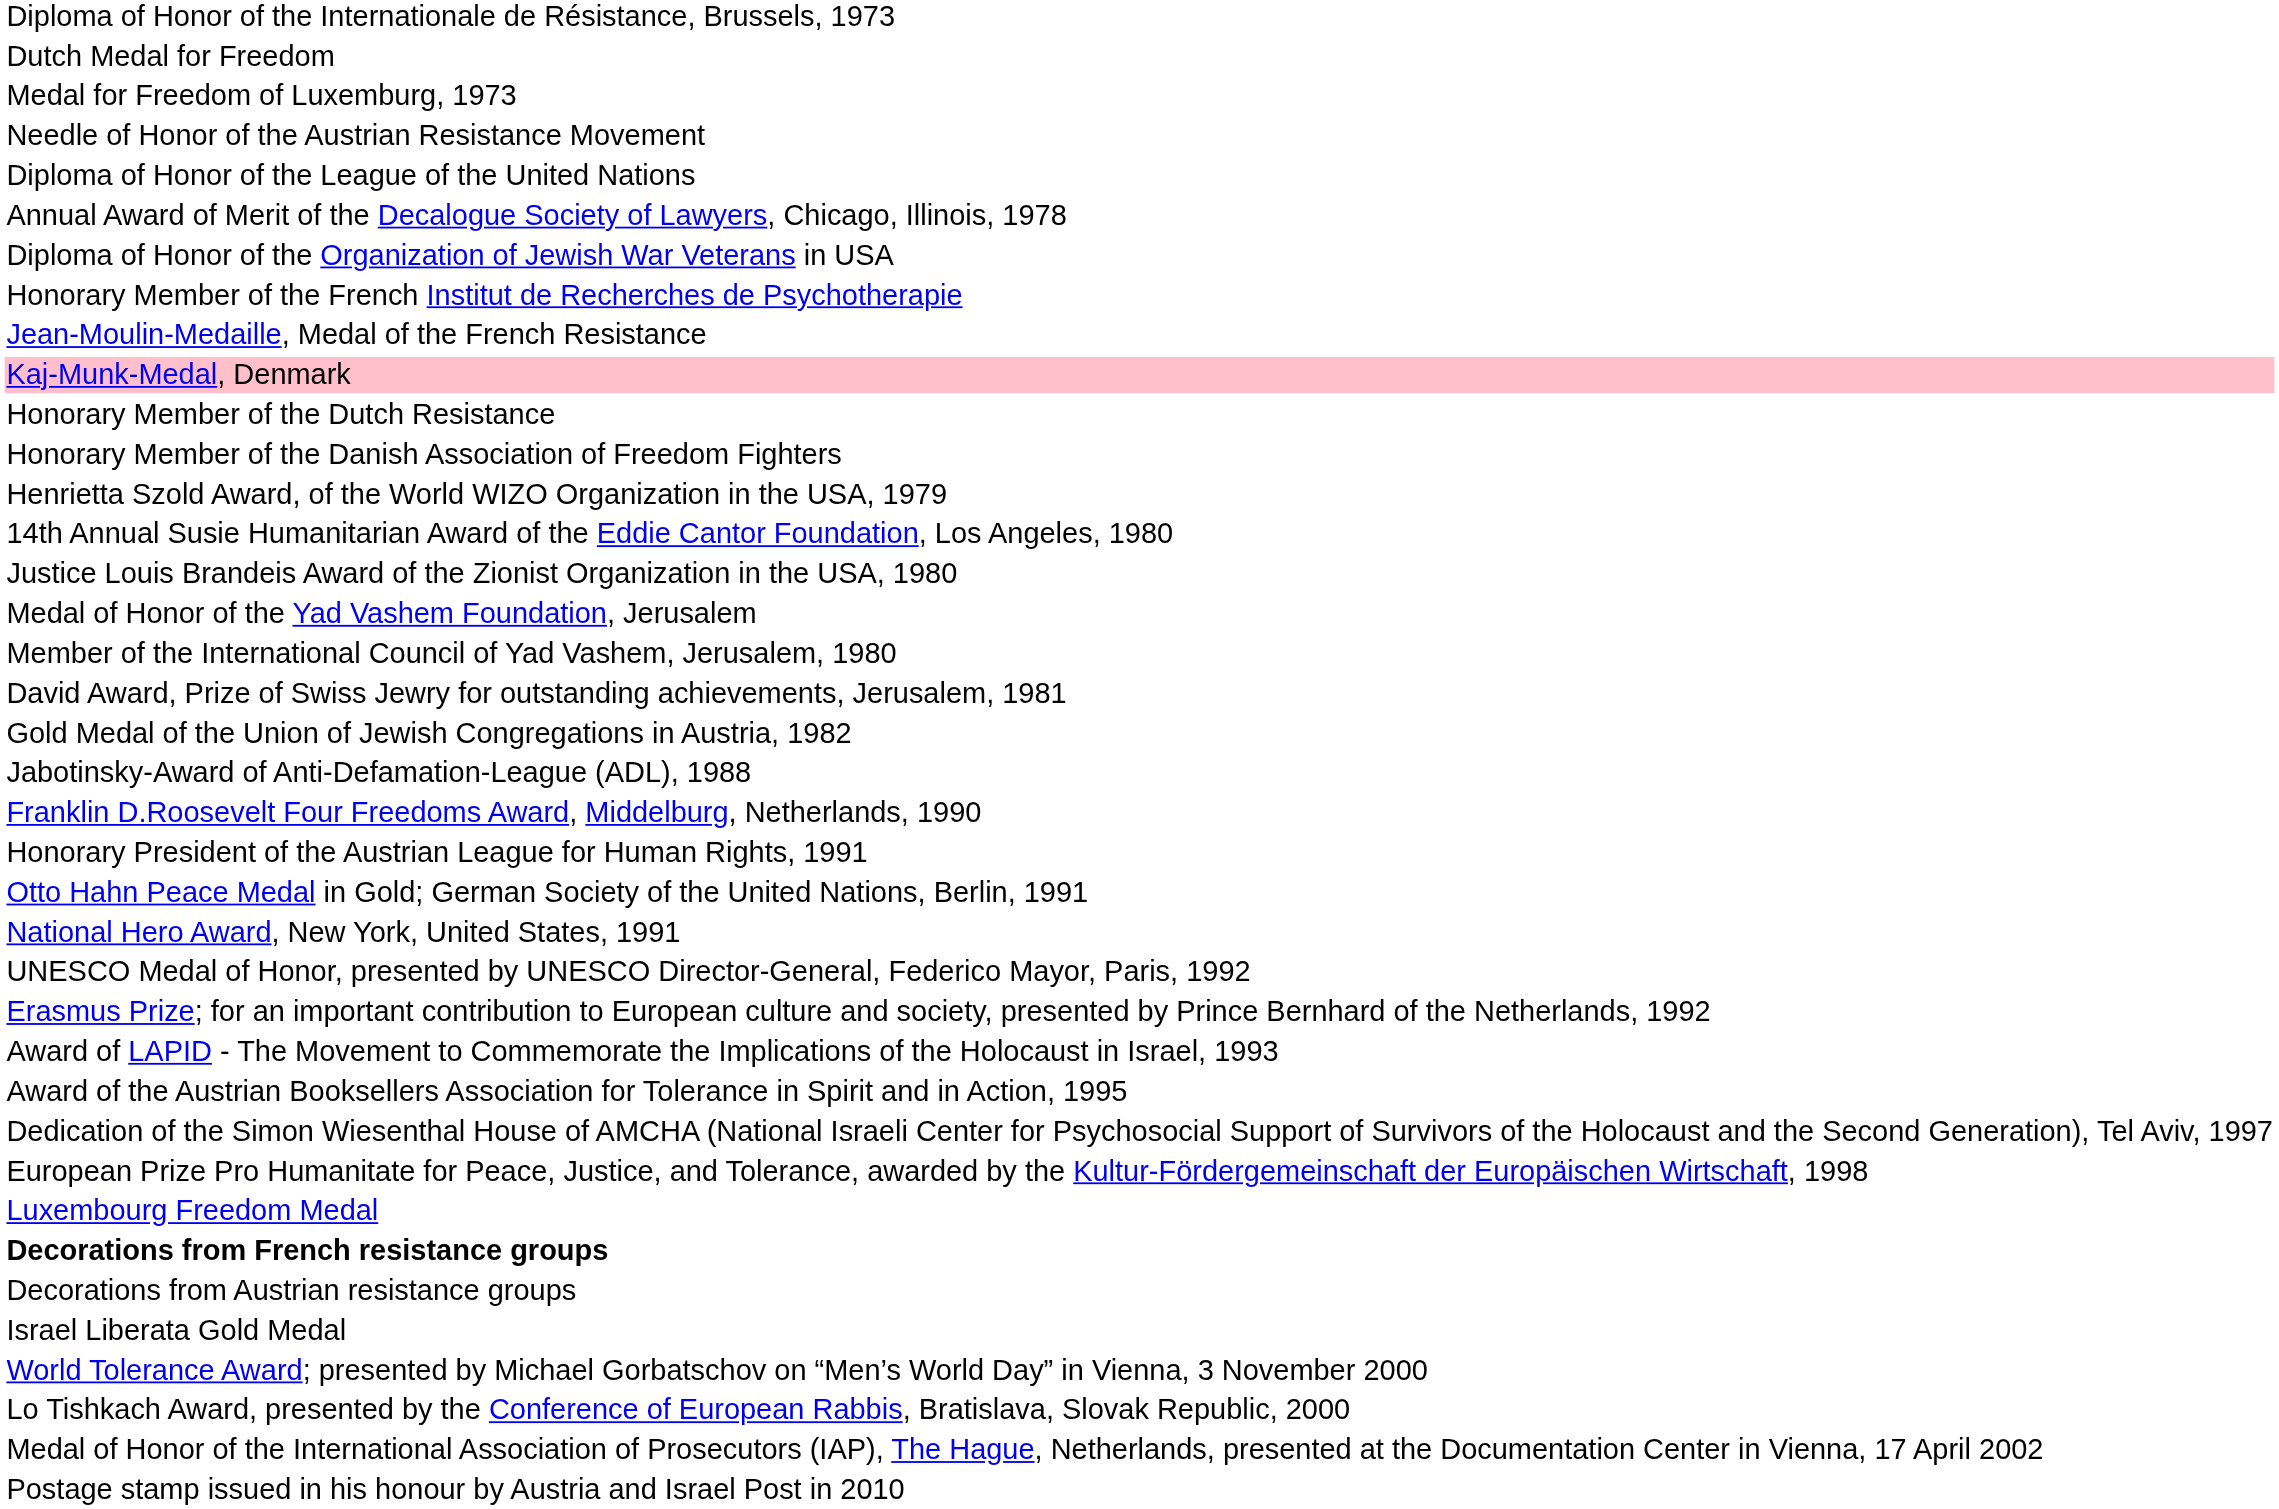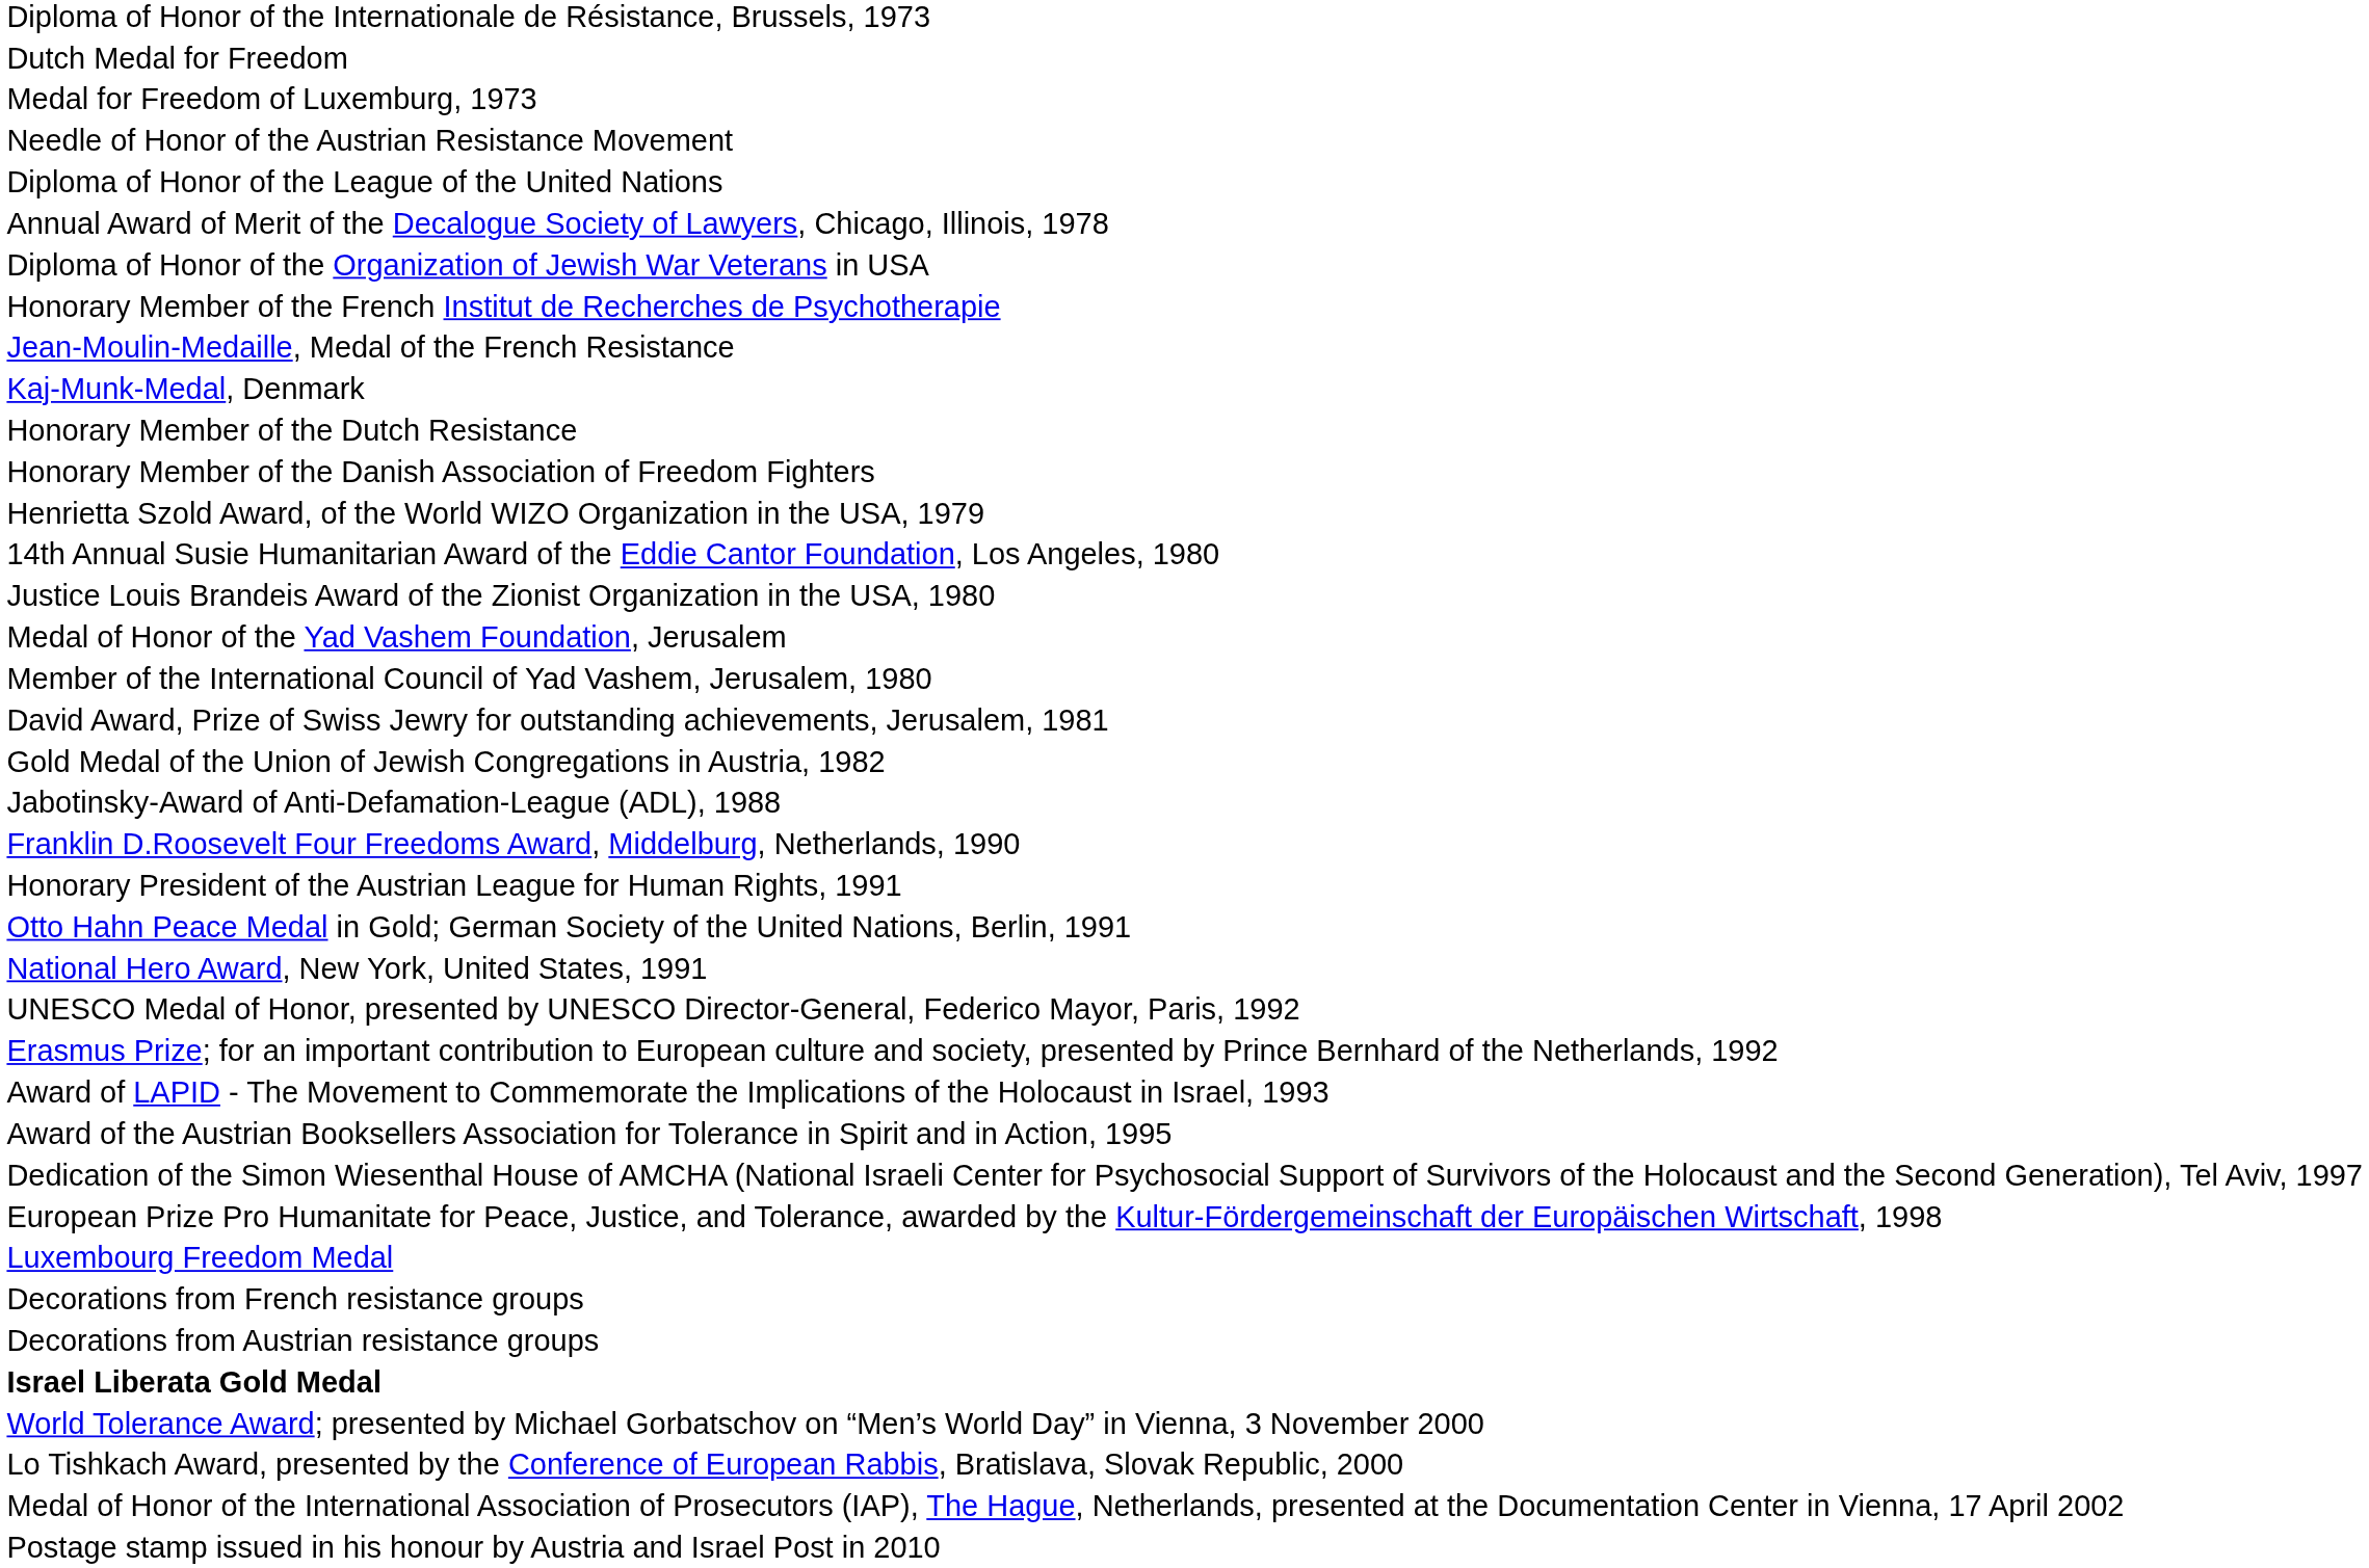 <table>
 <tr>
 <td>Diploma of Honor of the Internationale de Résistance, Brussels, 1973</td>
 </tr>
 <tr>
 <td>Dutch Medal for Freedom</td>
 </tr>
 <tr>
 <td>Medal for Freedom of Luxemburg, 1973</td>
 </tr>
 <tr>
 <td>Needle of Honor of the Austrian Resistance Movement</td>
 </tr>
 <tr>
 <td>Diploma of Honor of the League of the United Nations</td>
 </tr>
 <tr>
 <td>Annual Award of Merit of the <a href='#'>Decalogue Society of Lawyers</a>, Chicago, Illinois, 1978</td>
 </tr>
 <tr>
 <td>Diploma of Honor of the <a href='#'>Organization of Jewish War Veterans</a> in USA</td>
 </tr>
 <tr>
 <td>Honorary Member of the French <a href='#'>Institut de Recherches de Psychotherapie</a></td>
 </tr>
 <tr>
 <td><a href='#'>Jean-Moulin-Medaille</a>, Medal of the French Resistance</td>
 </tr>
 <tr>
-<td style="background: pink;"><a href='#'>Kaj-Munk-Medal</a>, Denmark</td>
+<td><a href='#'>Kaj-Munk-Medal</a>, Denmark</td>
 </tr>
 <tr>
 <td>Honorary Member of the Dutch Resistance</td>
 </tr>
 <tr>
 <td>Honorary Member of the Danish Association of Freedom Fighters</td>
 </tr>
 <tr>
 <td>Henrietta Szold Award, of the World WIZO Organization in the USA, 1979</td>
 </tr>
 <tr>
 <td>14th Annual Susie Humanitarian Award of the <a href='#'>Eddie Cantor Foundation</a>, Los Angeles, 1980</td>
 </tr>
 <tr>
 <td>Justice Louis Brandeis Award of the Zionist Organization in the USA, 1980</td>
 </tr>
 <tr>
 <td>Medal of Honor of the <a href='#'>Yad Vashem Foundation</a>, Jerusalem</td>
 </tr>
 <tr>
 <td>Member of the International Council of Yad Vashem, Jerusalem, 1980</td>
 </tr>
 <tr>
 <td>David Award, Prize of Swiss Jewry for outstanding achievements, Jerusalem, 1981</td>
 </tr>
 <tr>
 <td>Gold Medal of the Union of Jewish Congregations in Austria, 1982</td>
 </tr>
 <tr>
 <td>Jabotinsky-Award of Anti-Defamation-League (ADL), 1988</td>
 </tr>
 <tr>
 <td><a href='#'>Franklin D.Roosevelt Four Freedoms Award</a>, <a href='#'>Middelburg</a>, Netherlands, 1990</td>
 </tr>
 <tr>
 <td>Honorary President of the Austrian League for Human Rights, 1991</td>
 </tr>
 <tr>
 <td><a href='#'>Otto Hahn Peace Medal</a> in Gold; German Society of the United Nations, Berlin, 1991</td>
 </tr>
 <tr>
 <td><a href='#'>National Hero Award</a>, New York, United States, 1991</td>
 </tr>
 <tr>
 <td>UNESCO Medal of Honor, presented by UNESCO Director-General, Federico Mayor, Paris, 1992</td>
 </tr>
 <tr>
 <td><a href='#'>Erasmus Prize</a>; for an important contribution to European culture and society, presented by Prince Bernhard of the Netherlands, 1992</td>
 </tr>
 <tr>
 <td>Award of <a href='#'>LAPID</a> - The Movement to Commemorate the Implications of the Holocaust in Israel, 1993</td>
 </tr>
 <tr>
 <td>Award of the Austrian Booksellers Association for Tolerance in Spirit and in Action, 1995</td>
 </tr>
 <tr>
 <td>Dedication of the Simon Wiesenthal House of AMCHA (National Israeli Center for Psychosocial Support of Survivors of the Holocaust and the Second Generation), Tel Aviv, 1997</td>
 </tr>
 <tr>
 <td>European Prize Pro Humanitate for Peace, Justice, and Tolerance, awarded by the <a href='#'>Kultur-Fördergemeinschaft der Europäischen Wirtschaft</a>, 1998</td>
 </tr>
 <tr>
 <td><a href='#'>Luxembourg Freedom Medal</a></td>
 </tr>
 <tr>
-<td><strong>Decorations from French resistance groups</strong></td>
+<td>Decorations from French resistance groups</td>
 </tr>
 <tr>
 <td>Decorations from Austrian resistance groups</td>
 </tr>
 <tr>
-<td>Israel Liberata Gold Medal</td>
+<td><strong>Israel Liberata Gold Medal</strong></td>
 </tr>
 <tr>
 <td><a href='#'>World Tolerance Award</a>; presented by Michael Gorbatschov on “Men’s World Day” in Vienna, 3 November 2000</td>
 </tr>
 <tr>
 <td>Lo Tishkach Award, presented by the <a href='#'>Conference of European Rabbis</a>, Bratislava, Slovak Republic, 2000</td>
 </tr>
 <tr>
 <td>Medal of Honor of the International Association of Prosecutors (IAP), <a href='#'>The Hague</a>, Netherlands, presented at the Documentation Center in Vienna, 17 April 2002</td>
 </tr>
 <tr>
 <td>Postage stamp issued in his honour by Austria and Israel Post in 2010 </td>
 </tr>
 </table>
